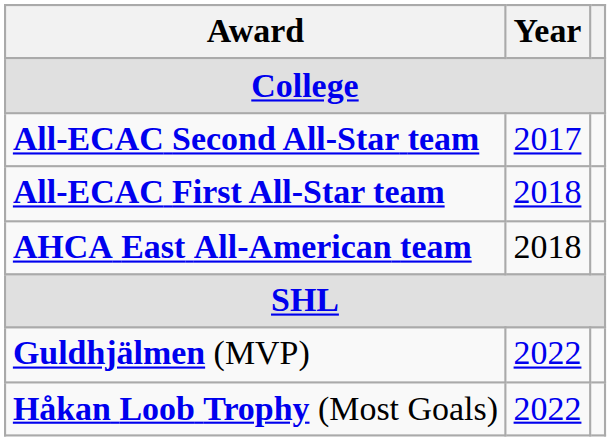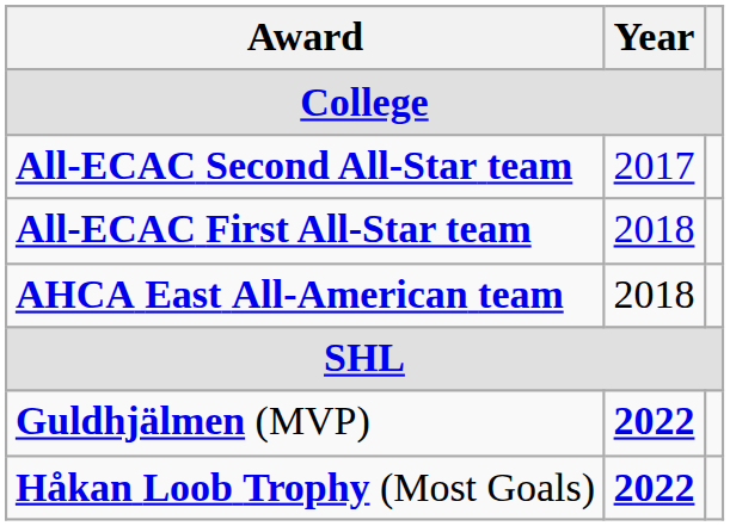 <table class="wikitable">
 <tr>
 <th>Award</th>
 <th>Year</th>
 <th></th>
 </tr>
 <tr ALIGN="center" bgcolor="#e0e0e0">
 <td colspan="3"><a href='#'><strong>College</strong></a></td>
 </tr>
 <tr>
 <td><a href='#'><strong>All-ECAC</strong> <strong>Second All-Star</strong> <strong>team</strong></a></td>
 <td><a href='#'>2017</a></td>
 <td></td>
 </tr>
 <tr>
 <td><a href='#'><strong>All-ECAC</strong> <strong>First All-Star team</strong></a></td>
 <td><a href='#'>2018</a></td>
 <td></td>
 </tr>
 <tr>
 <td><a href='#'><strong>AHCA</strong> <strong>East</strong> <strong>All-American</strong> <strong>team</strong></a></td>
 <td>2018</td>
 <td></td>
 </tr>
 <tr ALIGN="center" bgcolor="#e0e0e0">
 <td colspan="3"><a href='#'><strong>SHL</strong></a></td>
 </tr>
 <tr>
 <td><strong><a href='#'>Guldhjälmen</a></strong> (MVP)</td>
-<td><a href='#'>2022</a></td>
+<td><strong><a href='#'>2022</a></strong></td>
 <td></td>
 </tr>
 <tr>
 <td><a href='#'><strong>Håkan</strong> <strong>Loob</strong> <strong>Trophy</strong></a> (Most Goals)</td>
-<td><a href='#'>2022</a></td>
+<td><strong><a href='#'>2022</a></strong></td>
 <td></td>
 </tr>
 </table>
